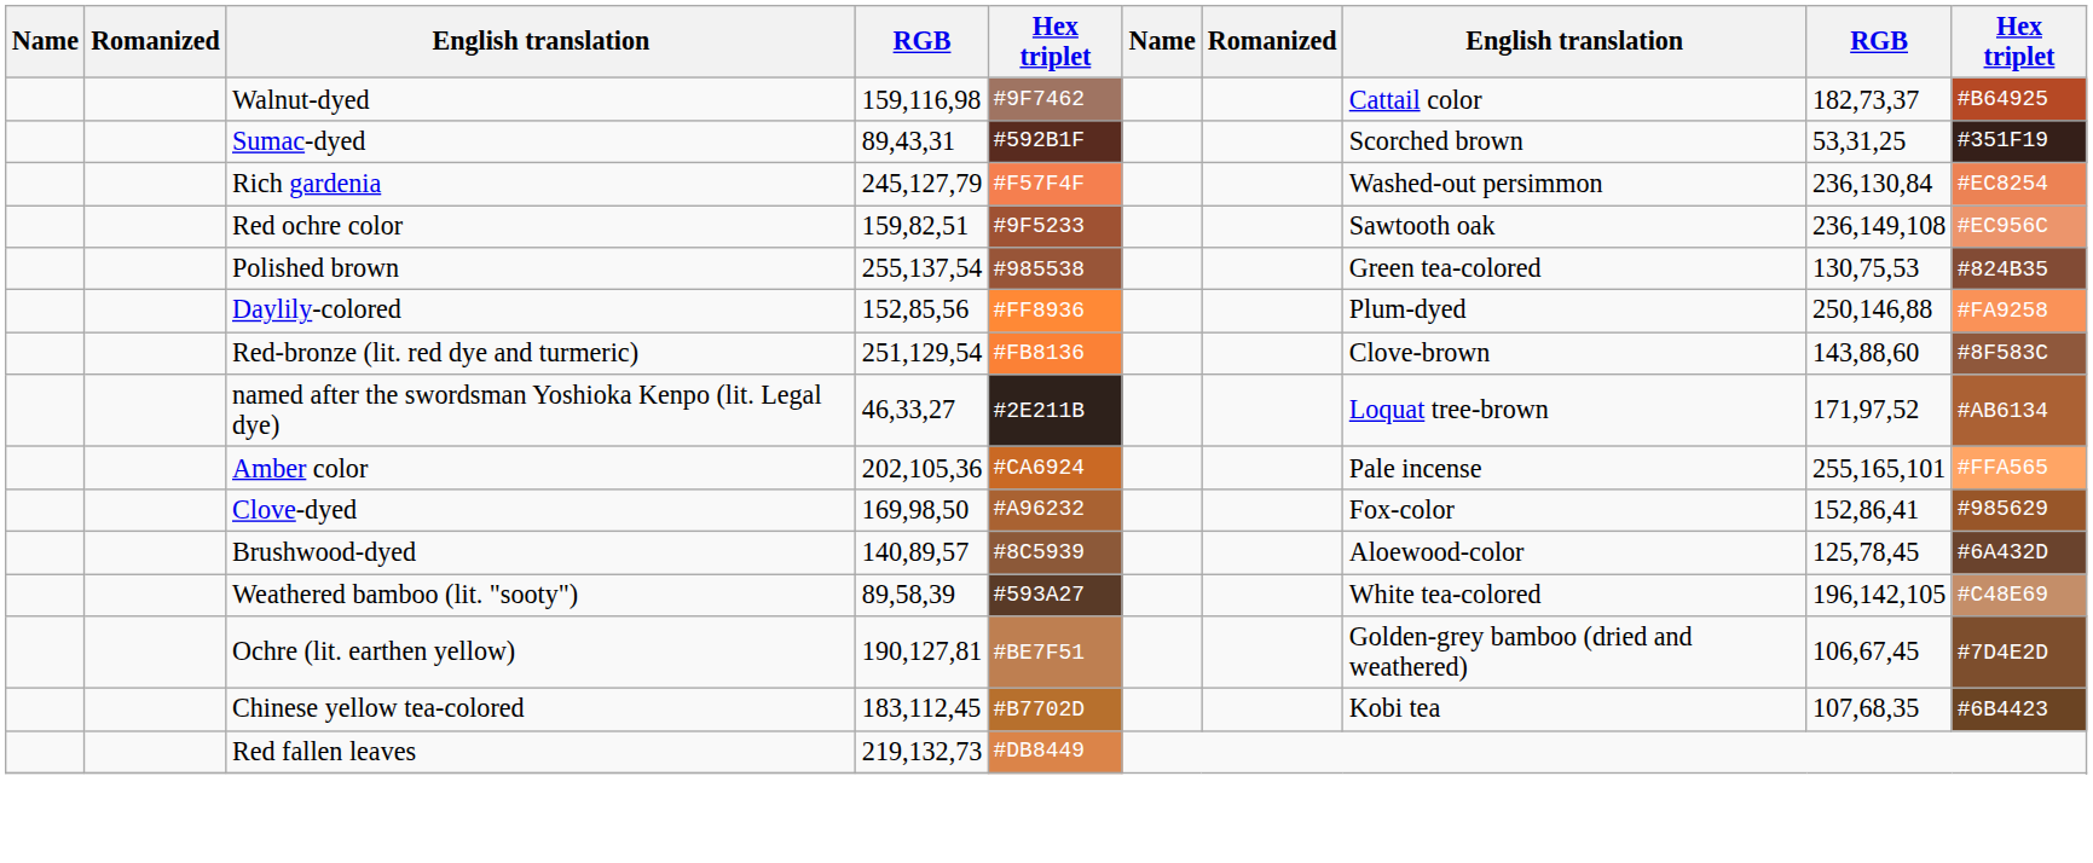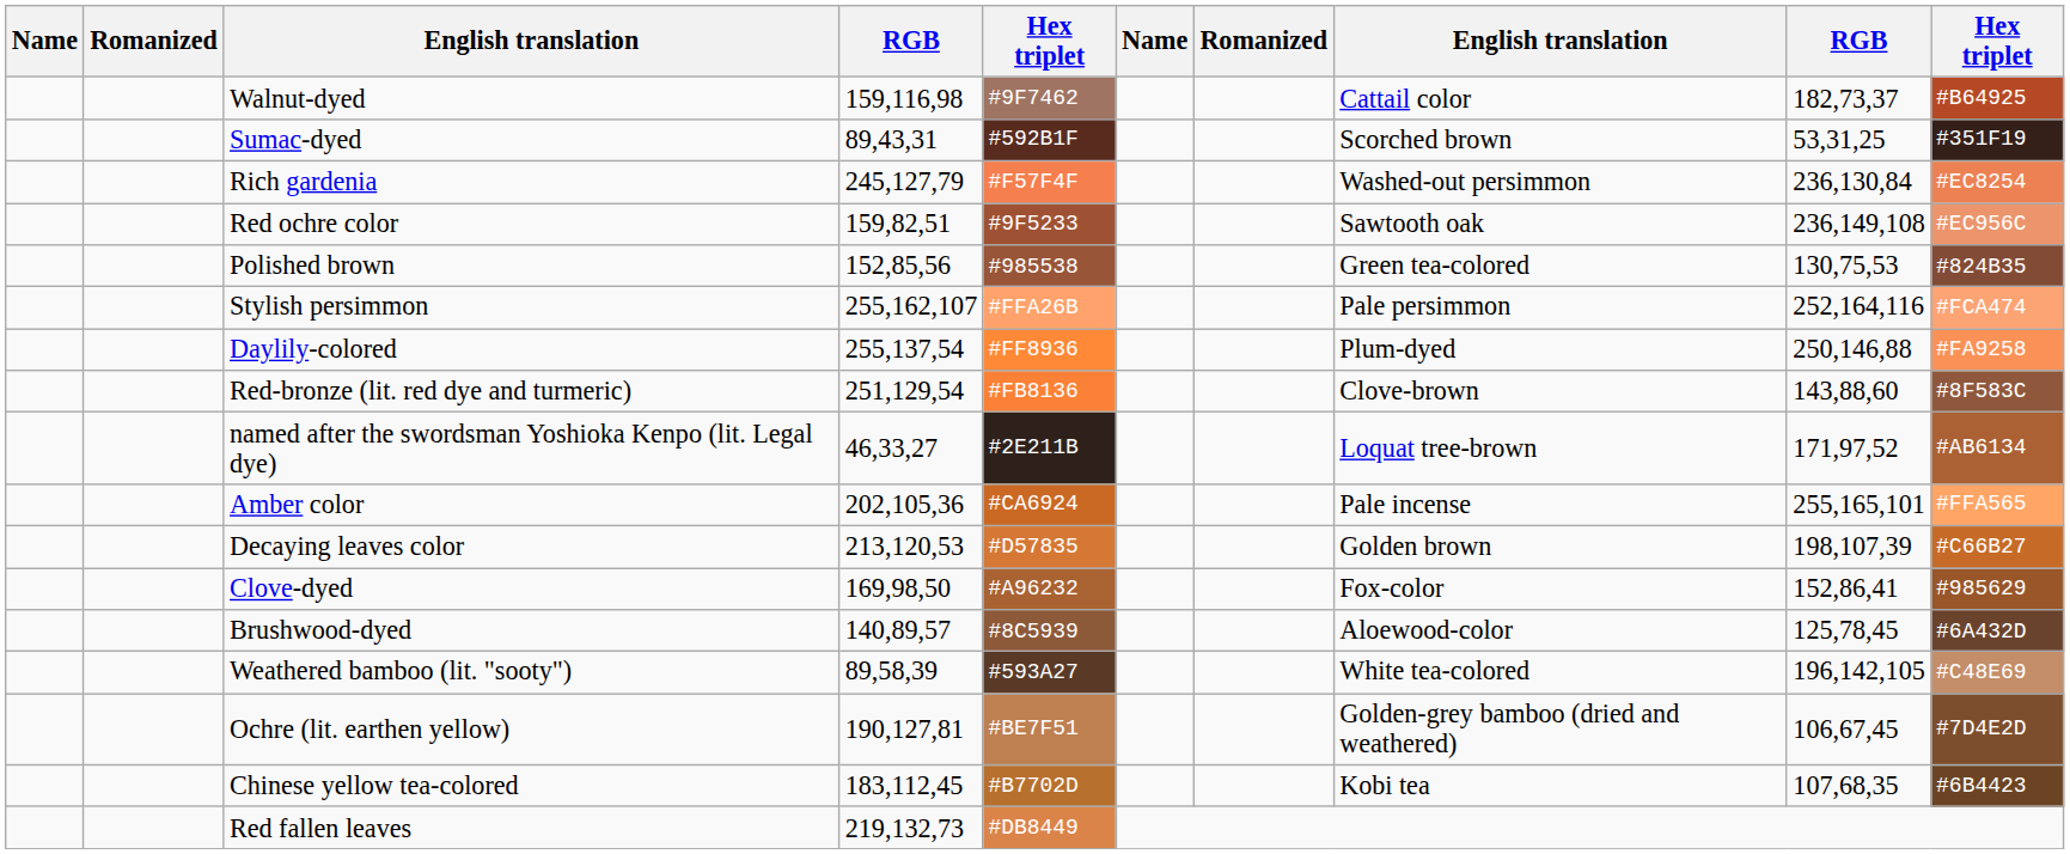 <table class="wikitable">
 <tr>
 <th>Name</th>
 <th>Romanized</th>
 <th>English translation</th>
 <th><a href='#'>RGB</a></th>
 <th><a href='#'>Hex triplet</a></th>
 <th>Name</th>
 <th>Romanized</th>
 <th>English translation</th>
 <th><a href='#'>RGB</a></th>
 <th><a href='#'>Hex triplet</a></th>
 </tr>
 <tr>
 <td></td>
 <td></td>
 <td>Walnut-dyed</td>
 <td>159,116,98</td>
 <td style="background:#9F7462; color:#ffffff; font-family:monospace;">#9F7462</td>
 <td></td>
 <td></td>
 <td><a href='#'>Cattail</a> color</td>
 <td>182,73,37</td>
 <td style="background:#B64925; color:#ffffff; font-family:monospace;">#B64925</td>
 </tr>
 <tr>
 <td></td>
 <td></td>
 <td><a href='#'>Sumac</a>-dyed</td>
 <td>89,43,31</td>
 <td style="background:#592B1F; color:#ffffff; font-family:monospace;">#592B1F</td>
 <td></td>
 <td></td>
 <td>Scorched brown</td>
 <td>53,31,25</td>
 <td style="background:#351F19; color:#ffffff; font-family:monospace;">#351F19</td>
 </tr>
 <tr>
 <td></td>
 <td></td>
 <td>Rich <a href='#'>gardenia</a></td>
 <td>245,127,79</td>
 <td style="background:#F57F4F; color:#ffffff; font-family:monospace;">#F57F4F</td>
 <td></td>
 <td></td>
 <td>Washed-out persimmon</td>
 <td>236,130,84</td>
 <td style="background:#EC8254; color:#ffffff; font-family:monospace;">#EC8254</td>
 </tr>
 <tr>
 <td></td>
 <td></td>
 <td>Red ochre color</td>
 <td>159,82,51</td>
 <td style="background:#9F5233; color:#ffffff; font-family:monospace;">#9F5233</td>
 <td></td>
 <td></td>
 <td>Sawtooth oak</td>
 <td>236,149,108</td>
 <td style="background:#EC956C; color:#ffffff; font-family:monospace;">#EC956C</td>
 </tr>
 <tr>
 <td></td>
 <td></td>
 <td>Polished brown</td>
-<td>255,137,54</td>
+<td>152,85,56</td>
 <td style="background:#985538; color:#ffffff; font-family:monospace;">#985538</td>
 <td></td>
 <td></td>
 <td>Green tea-colored</td>
 <td>130,75,53</td>
 <td style="background:#824B35; color:#ffffff; font-family:monospace;">#824B35</td>
 </tr>
 <tr>
 <td></td>
 <td></td>
+<td>Stylish persimmon</td>
+<td>255,162,107</td>
+<td style="background:#FFA26B; color:#ffffff; font-family:monospace;">#FFA26B</td>
+<td></td>
+<td></td>
+<td>Pale persimmon</td>
+<td>252,164,116</td>
+<td style="background:#FCA474; color:#ffffff; font-family:monospace;">#FCA474</td>
+</tr>
+<tr>
+<td></td>
+<td></td>
 <td><a href='#'>Daylily</a>-colored</td>
-<td>152,85,56</td>
+<td>255,137,54</td>
 <td style="background:#FF8936; color:#ffffff; font-family:monospace;">#FF8936</td>
 <td></td>
 <td></td>
 <td>Plum-dyed</td>
 <td>250,146,88</td>
 <td style="background:#FA9258; color:#ffffff; font-family:monospace;">#FA9258</td>
 </tr>
 <tr>
 <td></td>
 <td></td>
 <td>Red-bronze (lit. red dye and turmeric)</td>
 <td>251,129,54</td>
 <td style="background:#FB8136; color:#ffffff; font-family:monospace;">#FB8136</td>
 <td></td>
 <td></td>
 <td>Clove-brown</td>
 <td>143,88,60</td>
 <td style="background:#8F583C; color:#ffffff; font-family:monospace;">#8F583C</td>
 </tr>
 <tr>
 <td></td>
 <td></td>
 <td>named after the swordsman Yoshioka Kenpo (lit. Legal dye)</td>
 <td>46,33,27</td>
 <td style="background:#2E211B; color:#ffffff; font-family:monospace;">#2E211B</td>
 <td></td>
 <td></td>
 <td><a href='#'>Loquat</a> tree-brown</td>
 <td>171,97,52</td>
 <td style="background:#AB6134; color:#ffffff; font-family:monospace;">#AB6134</td>
 </tr>
 <tr>
 <td></td>
 <td></td>
 <td><a href='#'>Amber</a> color</td>
 <td>202,105,36</td>
 <td style="background:#CA6924; color:#ffffff; font-family:monospace;">#CA6924</td>
 <td></td>
 <td></td>
 <td>Pale incense</td>
 <td>255,165,101</td>
 <td style="background:#FFA565; color:#ffffff; font-family:monospace;">#FFA565</td>
+</tr>
+<tr>
+<td></td>
+<td></td>
+<td>Decaying leaves color</td>
+<td>213,120,53</td>
+<td style="background:#d57835; color:#ffffff; font-family:monospace;">#D57835</td>
+<td></td>
+<td></td>
+<td>Golden brown</td>
+<td>198,107,39</td>
+<td style="background:#C66B27; color:#ffffff; font-family:monospace;">#C66B27</td>
 </tr>
 <tr>
 <td></td>
 <td></td>
 <td><a href='#'>Clove</a>-dyed</td>
 <td>169,98,50</td>
 <td style="background:#A96232; color:#ffffff; font-family:monospace;">#A96232</td>
 <td></td>
 <td></td>
 <td>Fox-color</td>
 <td>152,86,41</td>
 <td style="background:#985629; color:#ffffff; font-family:monospace;">#985629</td>
 </tr>
 <tr>
 <td></td>
 <td></td>
 <td>Brushwood-dyed</td>
 <td>140,89,57</td>
 <td style="background:#8C5939; color:#ffffff; font-family:monospace;">#8C5939</td>
 <td></td>
 <td></td>
 <td>Aloewood-color</td>
 <td>125,78,45</td>
 <td style="background:#6A432D; color:#ffffff; font-family:monospace;">#6A432D</td>
 </tr>
 <tr>
 <td></td>
 <td></td>
 <td>Weathered bamboo (lit. "sooty")</td>
 <td>89,58,39</td>
 <td style="background:#593A27; color:#ffffff; font-family:monospace;">#593A27</td>
 <td></td>
 <td></td>
 <td>White tea-colored</td>
 <td>196,142,105</td>
 <td style="background:#C48E69; color:#ffffff; font-family:monospace;">#C48E69</td>
 </tr>
 <tr>
 <td></td>
 <td></td>
 <td>Ochre (lit. earthen yellow)</td>
 <td>190,127,81</td>
 <td style="background:#BE7F51; color:#ffffff; font-family:monospace;">#BE7F51</td>
 <td></td>
 <td></td>
 <td>Golden-grey bamboo (dried and weathered)</td>
 <td>106,67,45</td>
 <td style="background:#7D4E2D; color:#ffffff; font-family:monospace;">#7D4E2D</td>
 </tr>
 <tr>
 <td></td>
 <td></td>
 <td>Chinese yellow tea-colored</td>
 <td>183,112,45</td>
 <td style="background:#B7702D; color:#ffffff; font-family:monospace;">#B7702D</td>
 <td></td>
 <td></td>
 <td>Kobi tea</td>
 <td>107,68,35</td>
 <td style="background:#6B4423; color:#ffffff; font-family:monospace;">#6B4423</td>
 </tr>
 <tr>
 <td></td>
 <td></td>
 <td>Red fallen leaves</td>
 <td>219,132,73</td>
 <td style="background:#db8449; color:#ffffff; font-family:monospace;">#DB8449</td>
 </tr>
 <tr>
 </tr>
 </table>
